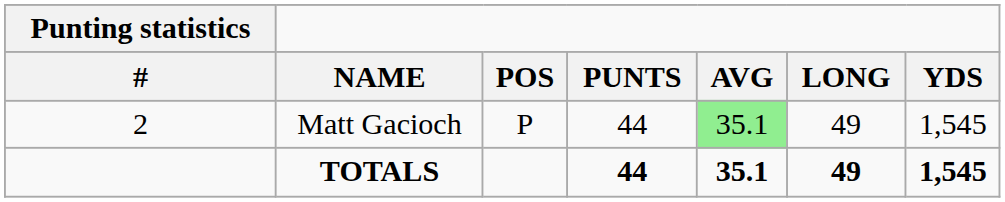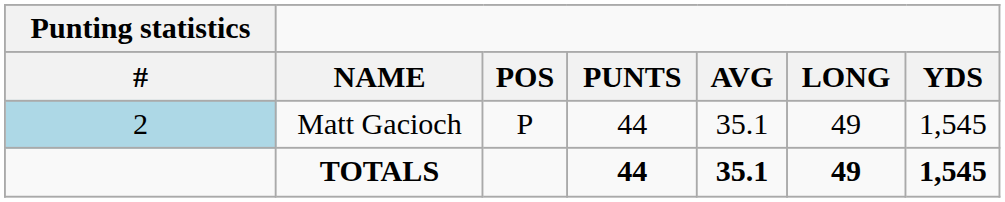 <table style="width:60%; text-align:center;" class="wikitable collapsible collapsed">
 <tr>
 <th style="text-align:center; ">Punting statistics</th>
 </tr>
 <tr>
 <th>#</th>
 <th>NAME</th>
 <th>POS</th>
 <th>PUNTS</th>
 <th>AVG</th>
 <th>LONG</th>
 <th>YDS</th>
 </tr>
 <tr>
-<td>2</td>
+<td style="background: lightblue;">2</td>
 <td>Matt Gacioch</td>
 <td>P</td>
 <td>44</td>
-<td style="background: lightgreen;">35.1</td>
+<td>35.1</td>
 <td>49</td>
 <td>1,545</td>
 </tr>
 <tr>
 <td></td>
 <td><strong>TOTALS</strong></td>
 <td></td>
 <td><strong>44</strong></td>
 <td><strong>35.1</strong></td>
 <td><strong>49</strong></td>
 <td><strong>1,545</strong></td>
 </tr>
 </table>
